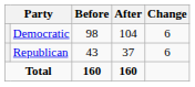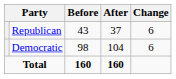 <table class="wikitable" style="text-align:center;">
 <tr>
 <th colspan="2">Party</th>
 <th>Before</th>
 <th>After</th>
 <th>Change</th>
 </tr>
 <tr>
 <th style="background-color:"></th>
-<td style="text-align:left;"><a href='#'>Democratic</a></td>
-<td>98</td>
-<td>104</td>
+<td style="text-align:left;"><a href='#'>Republican</a></td>
+<td>43</td>
+<td>37</td>
 <td> 6</td>
 </tr>
 <tr>
 <th style="background-color:"></th>
-<td style="text-align:left;"><a href='#'>Republican</a></td>
-<td>43</td>
-<td>37</td>
+<td style="text-align:left;"><a href='#'>Democratic</a></td>
+<td>98</td>
+<td>104</td>
 <td> 6</td>
 </tr>
 <tr>
 <td colspan="2"><strong>Total</strong></td>
 <td><strong>160</strong></td>
 <td><strong>160</strong></td>
 <td></td>
 </tr>
 </table>
